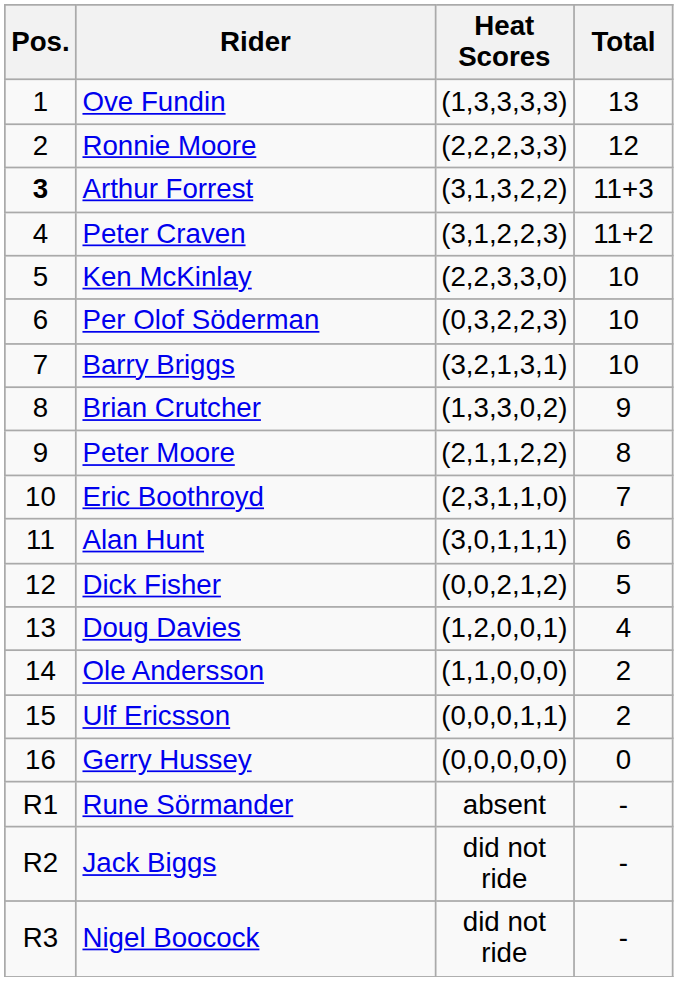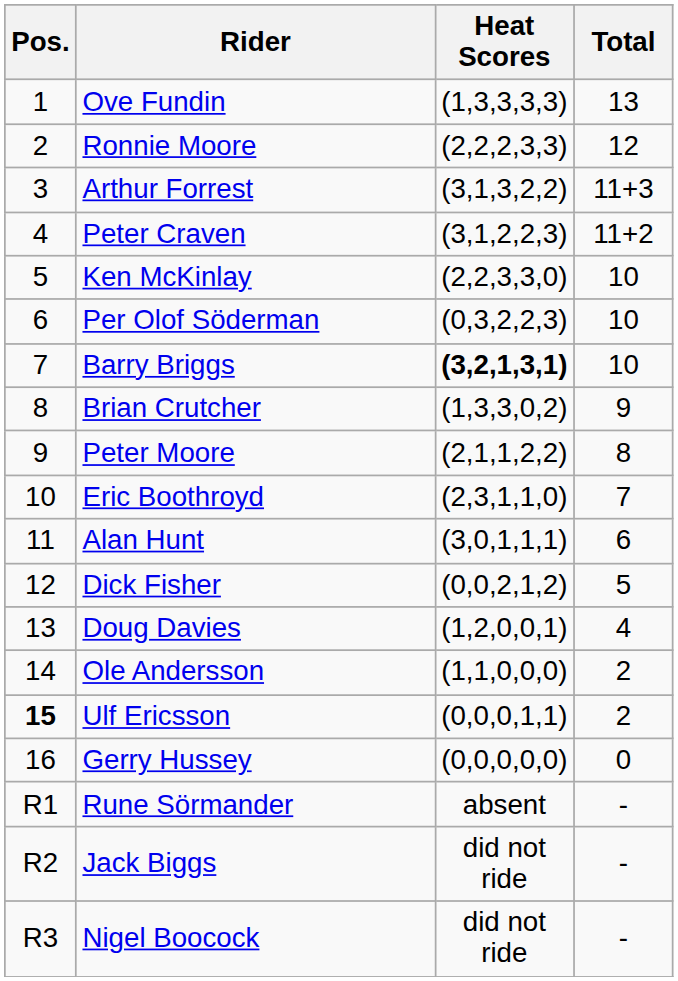 <table class="wikitable" style="text-align:center;">
 <tr>
 <th width=25px>Pos.</th>
 <th width=200px>Rider</th>
 <th width=70px>Heat Scores</th>
 <th width=50px>Total</th>
 </tr>
 <tr>
 <td>1</td>
 <td align=left> <a href='#'>Ove Fundin</a></td>
 <td>(1,3,3,3,3)</td>
 <td>13</td>
 </tr>
 <tr>
 <td>2</td>
 <td align=left> <a href='#'>Ronnie Moore</a></td>
 <td>(2,2,2,3,3)</td>
 <td>12</td>
 </tr>
 <tr>
-<td><strong>3</strong></td>
+<td>3</td>
 <td align=left> <a href='#'>Arthur Forrest</a></td>
 <td>(3,1,3,2,2)</td>
 <td>11+3</td>
 </tr>
 <tr>
 <td>4</td>
 <td align=left> <a href='#'>Peter Craven</a></td>
 <td>(3,1,2,2,3)</td>
 <td>11+2</td>
 </tr>
 <tr>
 <td>5</td>
 <td align=left> <a href='#'>Ken McKinlay</a></td>
 <td>(2,2,3,3,0)</td>
 <td>10</td>
 </tr>
 <tr>
 <td>6</td>
 <td align=left> <a href='#'>Per Olof Söderman</a></td>
 <td>(0,3,2,2,3)</td>
 <td>10</td>
 </tr>
 <tr>
 <td>7</td>
 <td align=left> <a href='#'>Barry Briggs</a></td>
-<td>(3,2,1,3,1)</td>
+<td><strong>(3,2,1,3,1)</strong></td>
 <td>10</td>
 </tr>
 <tr>
 <td>8</td>
 <td align=left> <a href='#'>Brian Crutcher</a></td>
 <td>(1,3,3,0,2)</td>
 <td>9</td>
 </tr>
 <tr>
 <td>9</td>
 <td align=left> <a href='#'>Peter Moore</a></td>
 <td>(2,1,1,2,2)</td>
 <td>8</td>
 </tr>
 <tr>
 <td>10</td>
 <td align=left> <a href='#'>Eric Boothroyd</a></td>
 <td>(2,3,1,1,0)</td>
 <td>7</td>
 </tr>
 <tr>
 <td>11</td>
 <td align=left> <a href='#'>Alan Hunt</a></td>
 <td>(3,0,1,1,1)</td>
 <td>6</td>
 </tr>
 <tr>
 <td>12</td>
 <td align=left> <a href='#'>Dick Fisher</a></td>
 <td>(0,0,2,1,2)</td>
 <td>5</td>
 </tr>
 <tr>
 <td>13</td>
 <td align=left> <a href='#'>Doug Davies</a></td>
 <td>(1,2,0,0,1)</td>
 <td>4</td>
 </tr>
 <tr>
 <td>14</td>
 <td align=left> <a href='#'>Ole Andersson</a></td>
 <td>(1,1,0,0,0)</td>
 <td>2</td>
 </tr>
 <tr>
-<td>15</td>
+<td><strong>15</strong></td>
 <td align=left> <a href='#'>Ulf Ericsson</a></td>
 <td>(0,0,0,1,1)</td>
 <td>2</td>
 </tr>
 <tr>
 <td>16</td>
 <td align=left> <a href='#'>Gerry Hussey</a></td>
 <td>(0,0,0,0,0)</td>
 <td>0</td>
 </tr>
 <tr>
 <td>R1</td>
 <td align=left> <a href='#'>Rune Sörmander</a></td>
 <td>absent</td>
 <td>-</td>
 </tr>
 <tr>
 <td>R2</td>
 <td align=left> <a href='#'>Jack Biggs</a></td>
 <td>did not ride</td>
 <td>-</td>
 </tr>
 <tr>
 <td>R3</td>
 <td align=left> <a href='#'>Nigel Boocock</a></td>
 <td>did not ride</td>
 <td>-</td>
 </tr>
 <tr>
 </tr>
 </table>
